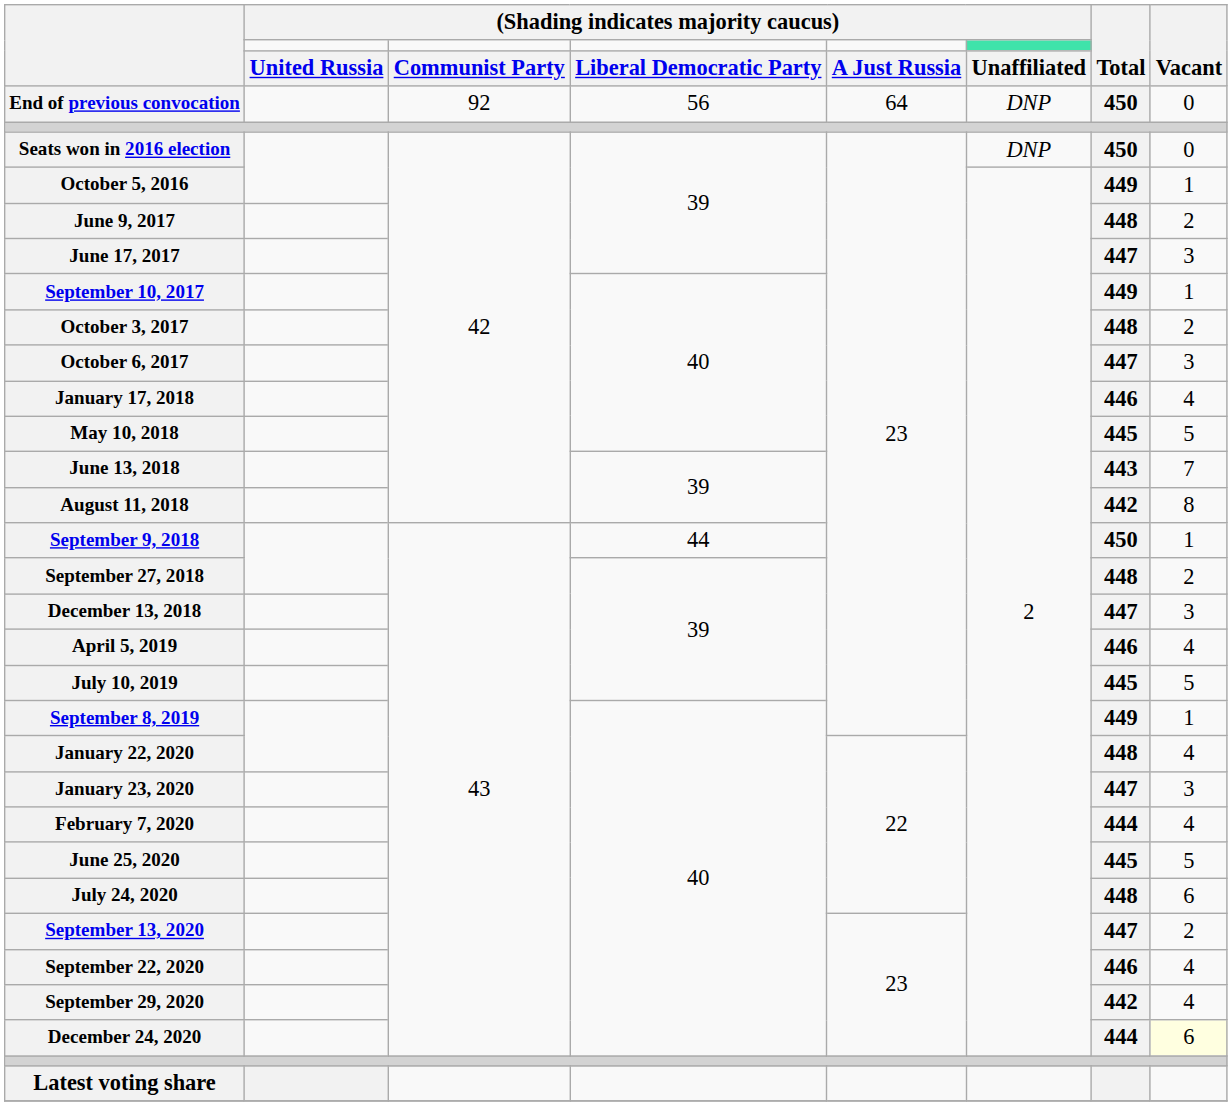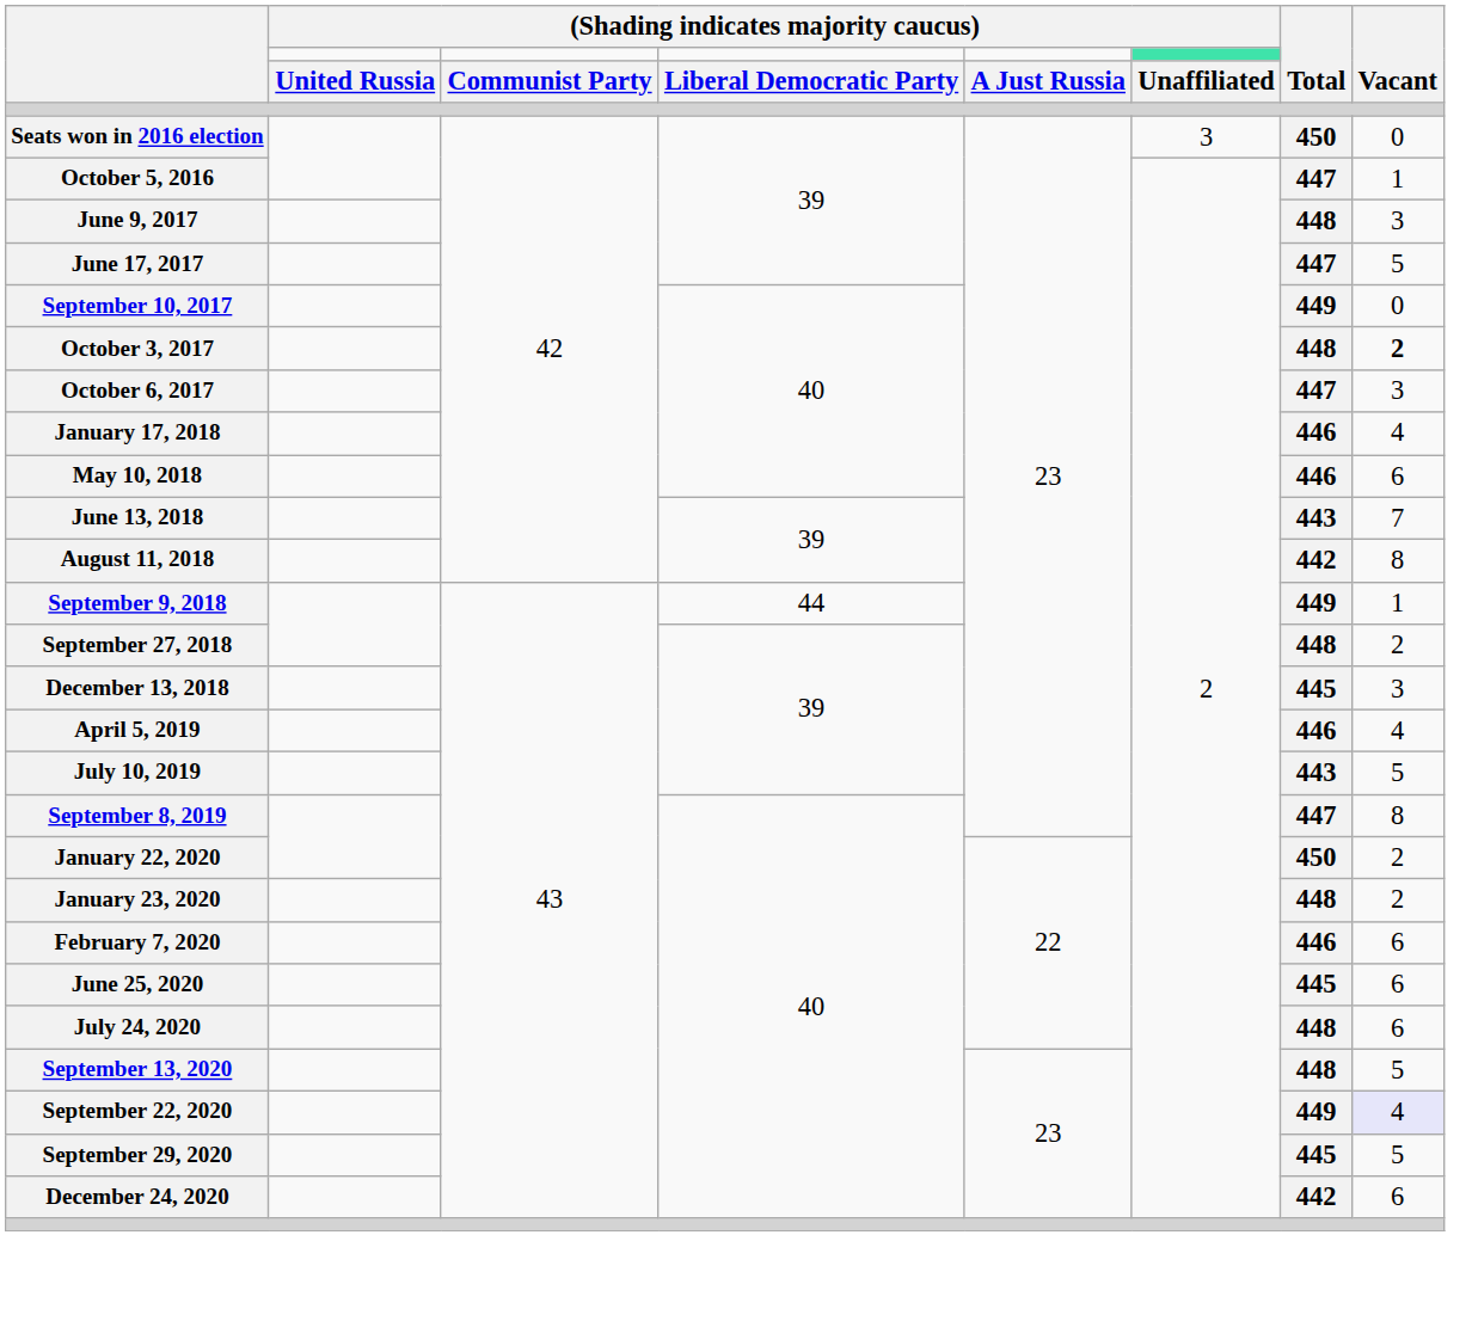 <table class=wikitable style="text-align:center">
 <tr style="vertical-align:bottom;">
 <th rowspan=3></th>
 <th colspan=5><div>(Shading indicates majority caucus)</div></th>
 <th rowspan=3>Total</th>
 <th rowspan=3>Vacant</th>
 </tr>
 <tr style="height:5px">
 <td style="background-color:"></td>
 <td style="background-color:"></td>
 <td style="background-color:"></td>
 <td style="background-color:"></td>
 <td style="background-color:#3fe3aa"></td>
 </tr>
 <tr>
 <th><a href='#'>United Russia</a></th>
 <th><a href='#'>Communist Party</a></th>
 <th><a href='#'>Liberal Democratic Party</a></th>
 <th><a href='#'>A Just Russia</a></th>
 <th>Unaffiliated</th>
 </tr>
 <tr>
-<th style="font-size:85%">End of <a href='#'>previous convocation</a></th>
-<td style="background-color:"></td>
-<td>92</td>
-<td>56</td>
-<td>64</td>
-<td><em>DNP</em></td>
-<th>450</th>
-<td>0</td>
-</tr>
-<tr>
 <td colspan=8 style="background-color:lightgrey"></td>
 </tr>
 <tr>
 <th style="font-size:85%">Seats won in <a href='#'>2016 election</a></th>
 <td rowspan=2 style="background-color:"></td>
 <td rowspan=11>42</td>
 <td rowspan=4>39</td>
 <td rowspan=17>23</td>
-<td><em>DNP</em></td>
+<td>3</td>
 <th>450</th>
 <td>0</td>
 </tr>
 <tr>
 <th style="font-size:85%">October 5, 2016</th>
 <td rowspan=25>2</td>
-<th>449</th>
+<th>447</th>
 <td>1</td>
 </tr>
 <tr>
 <th style="font-size:85%">June 9, 2017</th>
 <td style="background-color:"></td>
 <th>448</th>
-<td>2</td>
+<td>3</td>
 </tr>
 <tr>
 <th style="font-size:85%">June 17, 2017</th>
 <td style="background-color:"></td>
 <th>447</th>
-<td>3</td>
+<td>5</td>
 </tr>
 <tr>
 <th style="font-size:85%"><a href='#'>September 10, 2017</a></th>
 <td style="background-color:"></td>
 <td rowspan=5>40</td>
 <th>449</th>
-<td>1</td>
+<td>0</td>
 </tr>
 <tr>
 <th style="font-size:85%">October 3, 2017</th>
 <td style="background-color:"></td>
 <th>448</th>
-<td>2</td>
+<td><strong>2</strong></td>
 </tr>
 <tr>
 <th style="font-size:85%">October 6, 2017</th>
 <td style="background-color:"></td>
 <th>447</th>
 <td>3</td>
 </tr>
 <tr>
 <th style="font-size:85%">January 17, 2018</th>
 <td style="background-color:"></td>
 <th>446</th>
 <td>4</td>
 </tr>
 <tr>
 <th style="font-size:85%">May 10, 2018</th>
 <td style="background-color:"></td>
-<th>445</th>
-<td>5</td>
+<th>446</th>
+<td>6</td>
 </tr>
 <tr>
 <th style="font-size:85%">June 13, 2018</th>
 <td style="background-color:"></td>
 <td rowspan=2>39</td>
 <th>443</th>
 <td>7</td>
 </tr>
 <tr>
 <th style="font-size:85%">August 11, 2018</th>
 <td style="background-color:"></td>
 <th>442</th>
 <td>8</td>
 </tr>
 <tr>
 <th style="font-size:85%"><a href='#'>September 9, 2018</a></th>
 <td rowspan=2 style="background-color:"></td>
 <td rowspan=15>43</td>
 <td>44</td>
-<th>450</th>
+<th>449</th>
 <td>1</td>
 </tr>
 <tr>
 <th style="font-size:85%">September 27, 2018</th>
 <td rowspan=4>39</td>
 <th>448</th>
 <td>2</td>
 </tr>
 <tr>
 <th style="font-size:85%">December 13, 2018</th>
 <td style="background-color:"></td>
-<th>447</th>
+<th>445</th>
 <td>3</td>
 </tr>
 <tr>
 <th style="font-size:85%">April 5, 2019</th>
 <td style="background-color:"></td>
 <th>446</th>
 <td>4</td>
 </tr>
 <tr>
 <th style="font-size:85%">July 10, 2019</th>
 <td style="background-color:"></td>
-<th>445</th>
+<th>443</th>
 <td>5</td>
 </tr>
 <tr>
 <th style="font-size:85%"><a href='#'>September 8, 2019</a></th>
 <td rowspan=2 style="background-color:"></td>
 <td rowspan=10>40</td>
-<th>449</th>
-<td>1</td>
+<th>447</th>
+<td>8</td>
 </tr>
 <tr>
 <th style="font-size:85%">January 22, 2020</th>
 <td rowspan=5>22</td>
-<th>448</th>
-<td>4</td>
+<th>450</th>
+<td>2</td>
 </tr>
 <tr>
 <th style="font-size:85%">January 23, 2020</th>
 <td style="background-color:"></td>
-<th>447</th>
-<td>3</td>
+<th>448</th>
+<td>2</td>
 </tr>
 <tr>
 <th style="font-size:85%">February 7, 2020</th>
 <td style="background-color:"></td>
-<th>444</th>
-<td>4</td>
+<th>446</th>
+<td>6</td>
 </tr>
 <tr>
 <th style="font-size:85%">June 25, 2020</th>
 <td style="background-color:"></td>
 <th>445</th>
-<td>5</td>
+<td>6</td>
 </tr>
 <tr>
 <th style="font-size:85%">July 24, 2020</th>
 <td style="background-color:"></td>
 <th>448</th>
 <td>6</td>
 </tr>
 <tr>
 <th style="font-size:85%"><a href='#'>September 13, 2020</a></th>
 <td style="background-color:"></td>
 <td rowspan=4>23</td>
-<th>447</th>
-<td>2</td>
+<th>448</th>
+<td>5</td>
 </tr>
 <tr>
 <th style="font-size:85%">September 22, 2020</th>
 <td style="background-color:"></td>
-<th>446</th>
-<td>4</td>
+<th>449</th>
+<td style="background: lavender;">4</td>
 </tr>
 <tr>
 <th style="font-size:85%">September 29, 2020</th>
 <td style="background-color:"></td>
-<th>442</th>
-<td>4</td>
+<th>445</th>
+<td>5</td>
 </tr>
 <tr>
 <th style="font-size:85%">December 24, 2020</th>
 <td style="background-color:"></td>
-<th>444</th>
-<td style="background: lightyellow;">6</td>
+<th>442</th>
+<td>6</td>
 </tr>
 <tr>
 <td colspan=8 style="background-color:lightgrey"></td>
 </tr>
 <tr>
-<th>Latest voting share</th>
-<th style="background-color:"></th>
-<td></td>
-<td></td>
-<td></td>
-<td></td>
-<th></th>
-<td></td>
-</tr>
-<tr>
 </tr>
 </table>
